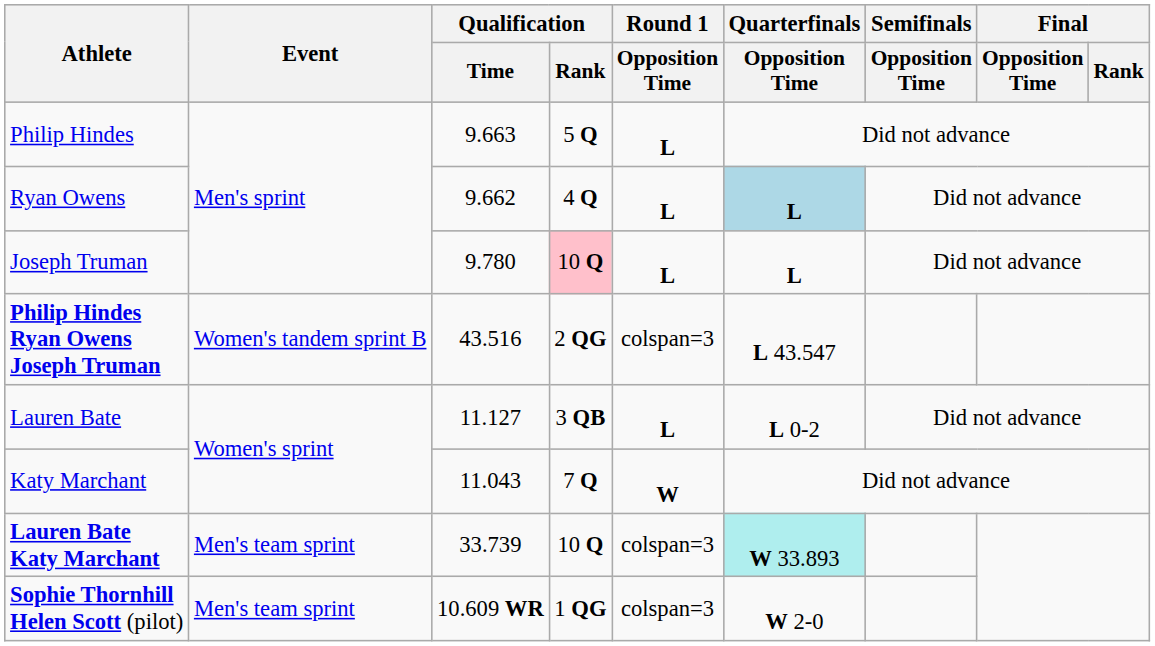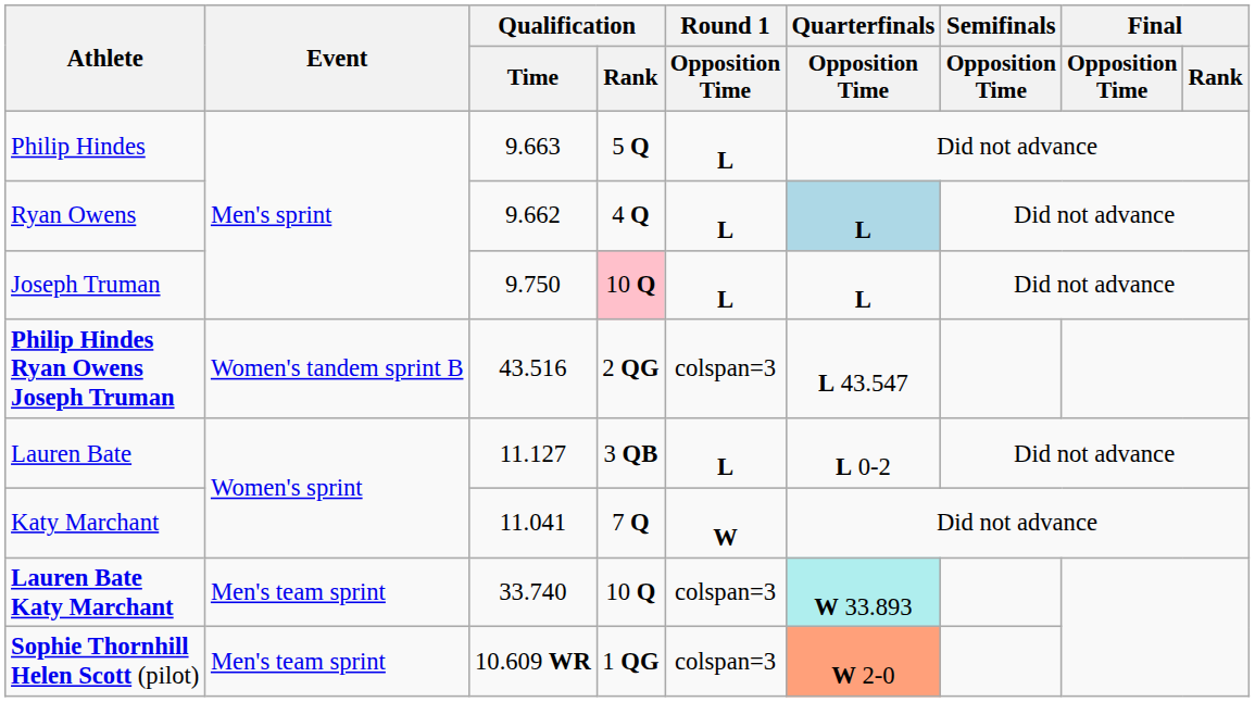 <table class="wikitable" style="font-size:90%;">
 <tr>
 <th rowspan=2>Athlete</th>
 <th rowspan=2>Event</th>
 <th colspan=2>Qualification</th>
 <th>Round 1</th>
 <th>Quarterfinals</th>
 <th>Semifinals</th>
 <th colspan=2>Final</th>
 </tr>
 <tr style="font-size:95%">
 <th>Time</th>
 <th>Rank</th>
 <th>Opposition<br>Time</th>
 <th>Opposition<br>Time</th>
 <th>Opposition<br>Time</th>
 <th>Opposition<br>Time</th>
 <th>Rank</th>
 </tr>
 <tr align=center>
 <td align=left><a href='#'>Philip Hindes</a></td>
 <td align=left rowspan=3><a href='#'>Men's sprint</a></td>
 <td>9.663</td>
 <td>5 <strong>Q</strong></td>
 <td><br> <strong>L</strong></td>
 <td colspan=4>Did not advance</td>
 </tr>
 <tr align=center>
 <td align=left><a href='#'>Ryan Owens</a></td>
 <td>9.662</td>
 <td>4 <strong>Q</strong></td>
 <td><br><strong>L</strong></td>
 <td style="background: lightblue;"><br> <strong>L</strong></td>
 <td colspan=3>Did not advance</td>
 </tr>
 <tr align=center>
 <td align=left><a href='#'>Joseph Truman</a></td>
-<td>9.780</td>
+<td>9.750</td>
 <td style="background: pink;">10 <strong>Q</strong></td>
 <td><br><strong>L</strong></td>
 <td><br> <strong>L</strong></td>
 <td colspan=3>Did not advance</td>
 </tr>
 <tr align=center>
 <td align=left><strong><a href='#'>Philip Hindes</a><br><a href='#'>Ryan Owens</a><br><a href='#'>Joseph Truman</a></strong></td>
 <td align=left><a href='#'>Women's tandem sprint B</a></td>
 <td>43.516</td>
 <td>2 <strong>QG</strong></td>
 <td>colspan=3 </td>
 <td><br><strong>L</strong> 43.547</td>
 <td></td>
 </tr>
 <tr align=center>
 <td align=left><a href='#'>Lauren Bate</a></td>
 <td align=left rowspan=2><a href='#'>Women's sprint</a></td>
 <td>11.127</td>
 <td>3 <strong>QB</strong></td>
 <td><br> <strong>L</strong></td>
 <td><br><strong>L</strong> 0-2</td>
 <td colspan=3>Did not advance</td>
 </tr>
 <tr align=center>
 <td align=left><a href='#'>Katy Marchant</a></td>
-<td>11.043</td>
+<td>11.041</td>
 <td>7 <strong>Q</strong></td>
 <td><br> <strong>W</strong></td>
 <td colspan=4>Did not advance</td>
 </tr>
 <tr align=center>
 <td align=left><strong><a href='#'>Lauren Bate</a><br><a href='#'>Katy Marchant</a></strong></td>
 <td align=left><a href='#'>Men's team sprint</a></td>
-<td>33.739</td>
+<td>33.740</td>
 <td>10 <strong>Q</strong></td>
 <td>colspan=3 </td>
 <td style="background: paleturquoise;"><br><strong>W</strong> 33.893</td>
 <td></td>
 </tr>
 <tr align=center>
 <td align=left><strong><a href='#'>Sophie Thornhill</a><br><a href='#'>Helen Scott</a></strong> (pilot)</td>
 <td align=left><a href='#'>Men's team sprint</a></td>
 <td>10.609 <strong>WR</strong></td>
 <td>1 <strong>QG</strong></td>
 <td>colspan=3 </td>
-<td><br><strong>W</strong> 2-0</td>
+<td style="background: lightsalmon;"><br><strong>W</strong> 2-0</td>
 <td></td>
 </tr>
 </table>
